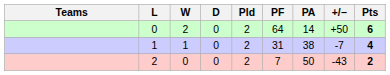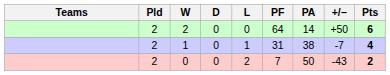 <table class="wikitable" style="text-align: center;">
 <tr>
 <th width="200">Teams</th>
-<th width="40">L</th>
+<th width="40">Pld</th>
 <th width="40">W</th>
 <th width="40">D</th>
-<th width="40">Pld</th>
+<th width="40">L</th>
 <th width="40">PF</th>
 <th width="40">PA</th>
 <th width="40">+/−</th>
 <th width="40">Pts</th>
 </tr>
 <tr bgcolor=ccffcc>
 <td align=left></td>
-<td>0</td>
+<td>2</td>
 <td>2</td>
 <td>0</td>
-<td>2</td>
+<td>0</td>
 <td>64</td>
 <td>14</td>
 <td>+50</td>
 <td><strong>6</strong></td>
 </tr>
 <tr bgcolor=ccccff>
 <td align=left></td>
-<td>1</td>
+<td>2</td>
 <td>1</td>
 <td>0</td>
-<td>2</td>
+<td>1</td>
 <td>31</td>
 <td>38</td>
 <td>-7</td>
 <td><strong>4</strong></td>
 </tr>
 <tr bgcolor=ffcccc>
 <td align=left></td>
 <td>2</td>
 <td>0</td>
 <td>0</td>
 <td>2</td>
 <td>7</td>
 <td>50</td>
 <td>-43</td>
 <td><strong>2</strong></td>
 </tr>
 </table>
